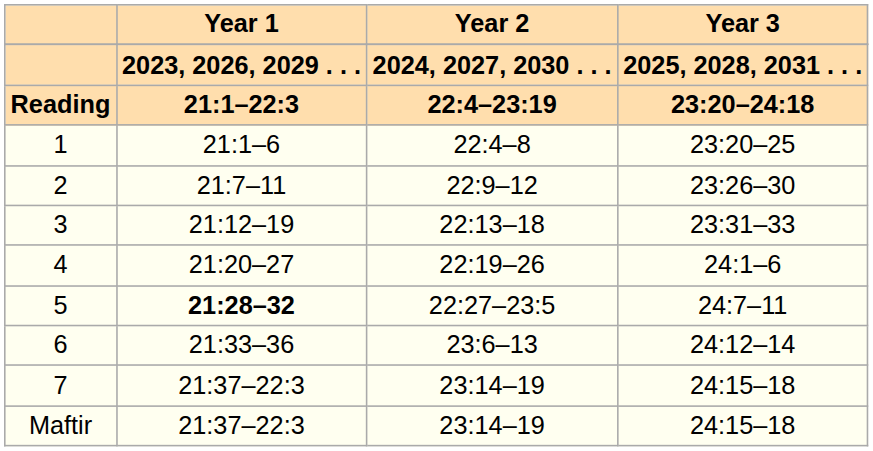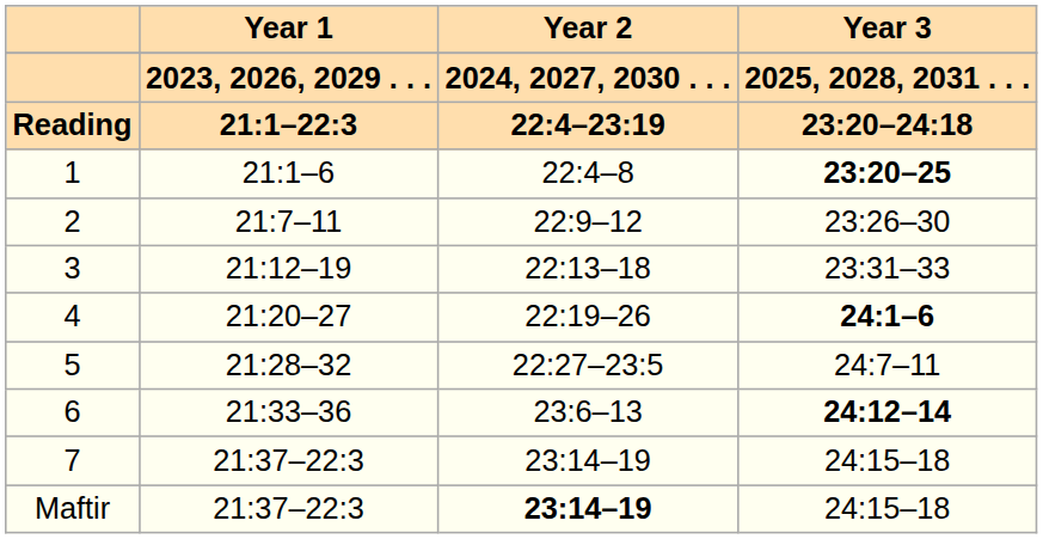 <table class="wikitable" style="background:Ivory; text-align:center">
 <tr>
 <th style="background:Navajowhite;"></th>
 <th style="background:Navajowhite;">Year 1</th>
 <th style="background:Navajowhite;">Year 2</th>
 <th style="background:Navajowhite;">Year 3</th>
 </tr>
 <tr>
 </tr>
 <tr>
 <th style="background:Navajowhite;"></th>
 <th style="background:Navajowhite;">2023, 2026, 2029 . . .</th>
 <th style="background:Navajowhite;">2024, 2027, 2030 . . .</th>
 <th style="background:Navajowhite;">2025, 2028, 2031 . . .</th>
 </tr>
 <tr>
 <th style="background:Navajowhite;">Reading</th>
 <th style="background:Navajowhite;">21:1–22:3</th>
 <th style="background:Navajowhite;">22:4–23:19</th>
 <th style="background:Navajowhite;">23:20–24:18</th>
 </tr>
 <tr>
 <td>1</td>
 <td>21:1–6</td>
 <td>22:4–8</td>
-<td>23:20–25</td>
+<td><strong>23:20–25</strong></td>
 </tr>
 <tr>
 <td>2</td>
 <td>21:7–11</td>
 <td>22:9–12</td>
 <td>23:26–30</td>
 </tr>
 <tr>
 <td>3</td>
 <td>21:12–19</td>
 <td>22:13–18</td>
 <td>23:31–33</td>
 </tr>
 <tr>
 <td>4</td>
 <td>21:20–27</td>
 <td>22:19–26</td>
-<td>24:1–6</td>
+<td><strong>24:1–6</strong></td>
 </tr>
 <tr>
 <td>5</td>
-<td><strong>21:28–32</strong></td>
+<td>21:28–32</td>
 <td>22:27–23:5</td>
 <td>24:7–11</td>
 </tr>
 <tr>
 <td>6</td>
 <td>21:33–36</td>
 <td>23:6–13</td>
-<td>24:12–14</td>
+<td><strong>24:12–14</strong></td>
 </tr>
 <tr>
 <td>7</td>
 <td>21:37–22:3</td>
 <td>23:14–19</td>
 <td>24:15–18</td>
 </tr>
 <tr>
 <td>Maftir</td>
 <td>21:37–22:3</td>
-<td>23:14–19</td>
+<td><strong>23:14–19</strong></td>
 <td>24:15–18</td>
 </tr>
 </table>
